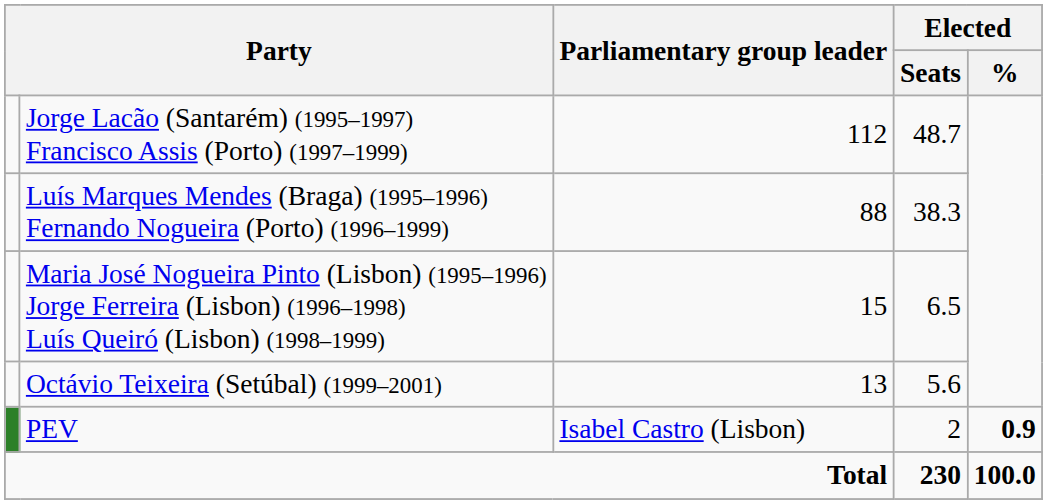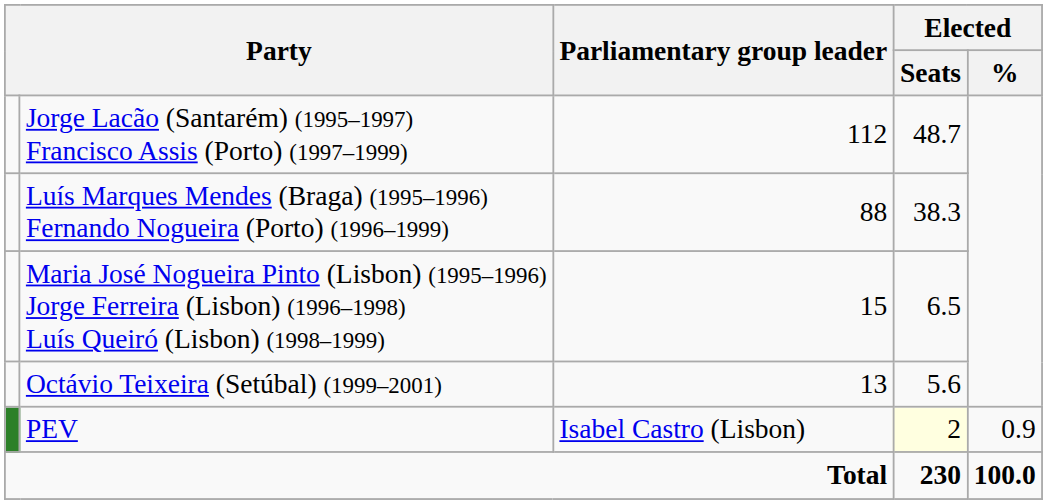 <table class="wikitable" style="text-align:right; font-size:95%;">
 <tr>
 <th colspan="2" rowspan="2">Party</th>
 <th rowspan="2">Parliamentary group leader</th>
 <th colspan="2">Elected</th>
 </tr>
 <tr>
 <th>Seats</th>
 <th>%</th>
 </tr>
 <tr>
 <td></td>
 <td align="left"><a href='#'>Jorge Lacão</a> (Santarém) <small>(1995–1997)</small><br><a href='#'>Francisco Assis</a> (Porto) <small>(1997–1999)</small></td>
 <td align="right">112</td>
 <td align="right">48.7</td>
 </tr>
 <tr>
 <td></td>
 <td align="left"><a href='#'>Luís Marques Mendes</a> (Braga) <small>(1995–1996)</small><br><a href='#'>Fernando Nogueira</a> (Porto) <small>(1996–1999)</small></td>
 <td align="right">88</td>
 <td align="right">38.3</td>
 </tr>
 <tr>
 <td></td>
 <td align="left"><a href='#'>Maria José Nogueira Pinto</a> (Lisbon) <small>(1995–1996)</small><br><a href='#'>Jorge Ferreira</a> (Lisbon) <small>(1996–1998)</small><br><a href='#'>Luís Queiró</a> (Lisbon) <small>(1998–1999)</small></td>
 <td align="right">15</td>
 <td align="right">6.5</td>
 </tr>
 <tr>
 <td></td>
 <td align="left"><a href='#'>Octávio Teixeira</a> (Setúbal) <small>(1999–2001)</small></td>
 <td align="right">13</td>
 <td align="right">5.6</td>
 </tr>
 <tr>
 <td style="width:1px; background:#2C8028; text-align:center;"></td>
 <td style="text-align:left;"><a href='#'>PEV</a></td>
 <td align="left"><a href='#'>Isabel Castro</a> (Lisbon)</td>
-<td align="right">2</td>
-<td align="right"><strong>0.9</strong></td>
+<td align="right" style="background: lightyellow;">2</td>
+<td align="right">0.9</td>
 </tr>
 <tr>
 <td colspan="3"> <strong>Total</strong></td>
 <td align="right"><strong>230</strong></td>
 <td align="right"><strong>100.0</strong></td>
 </tr>
 </table>
